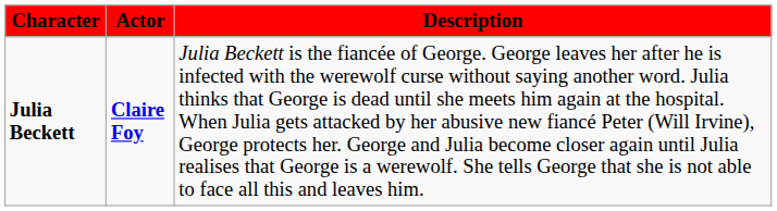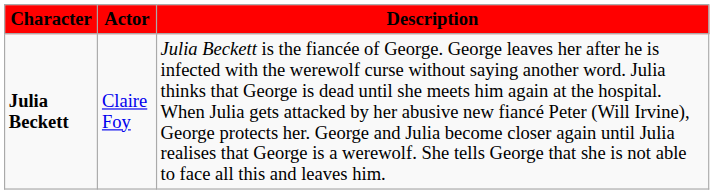 <table class="wikitable sortable">
 <tr>
 <th style="background:#FF0000;">Character</th>
 <th style="background:#FF0000;">Actor</th>
 <th style="background:#FF0000;">Description</th>
 </tr>
 <tr>
 <td> <strong>Julia Beckett</strong></td>
-<td><strong><a href='#'>Claire Foy</a></strong></td>
+<td><a href='#'>Claire Foy</a></td>
 <td><em>Julia Beckett</em> is the fiancée of George. George leaves her after he is infected with the werewolf curse without saying another word. Julia thinks that George is dead until she meets him again at the hospital. When Julia gets attacked by her abusive new fiancé Peter (Will Irvine), George protects her. George and Julia become closer again until Julia realises that George is a werewolf. She tells George that she is not able to face all this and leaves him.</td>
 </tr>
 </table>
